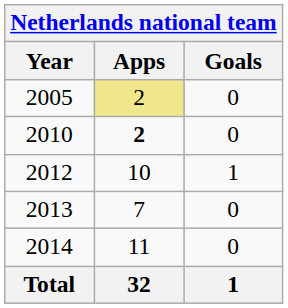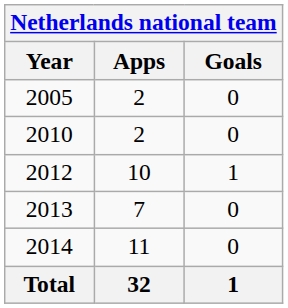 <table class="wikitable" style="text-align:center">
 <tr>
 <th colspan="3"><a href='#'>Netherlands national team</a></th>
 </tr>
 <tr>
 <th>Year</th>
 <th>Apps</th>
 <th>Goals</th>
 </tr>
 <tr>
 <td>2005</td>
-<td style="background: khaki;">2</td>
+<td>2</td>
 <td>0</td>
 </tr>
 <tr>
 <td>2010</td>
-<td><strong>2</strong></td>
+<td>2</td>
 <td>0</td>
 </tr>
 <tr>
 <td>2012</td>
 <td>10</td>
 <td>1</td>
 </tr>
 <tr>
 <td>2013</td>
 <td>7</td>
 <td>0</td>
 </tr>
 <tr>
 <td>2014</td>
 <td>11</td>
 <td>0</td>
 </tr>
 <tr>
 <th>Total</th>
 <th>32</th>
 <th>1</th>
 </tr>
 </table>
